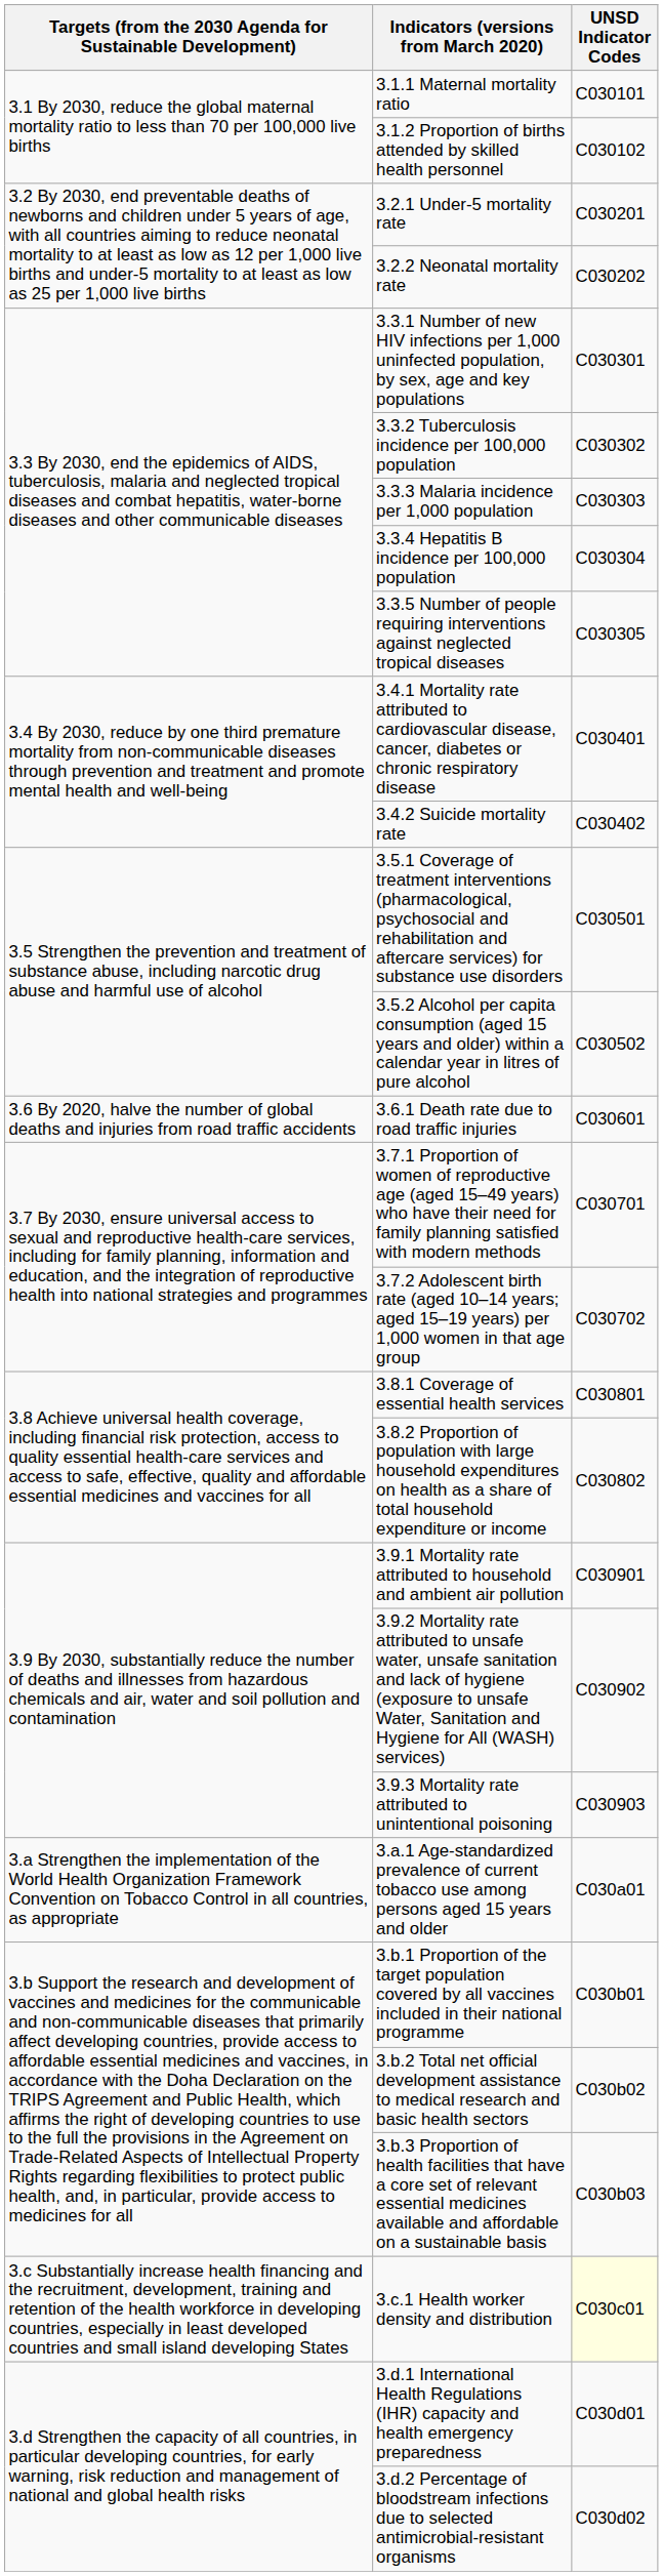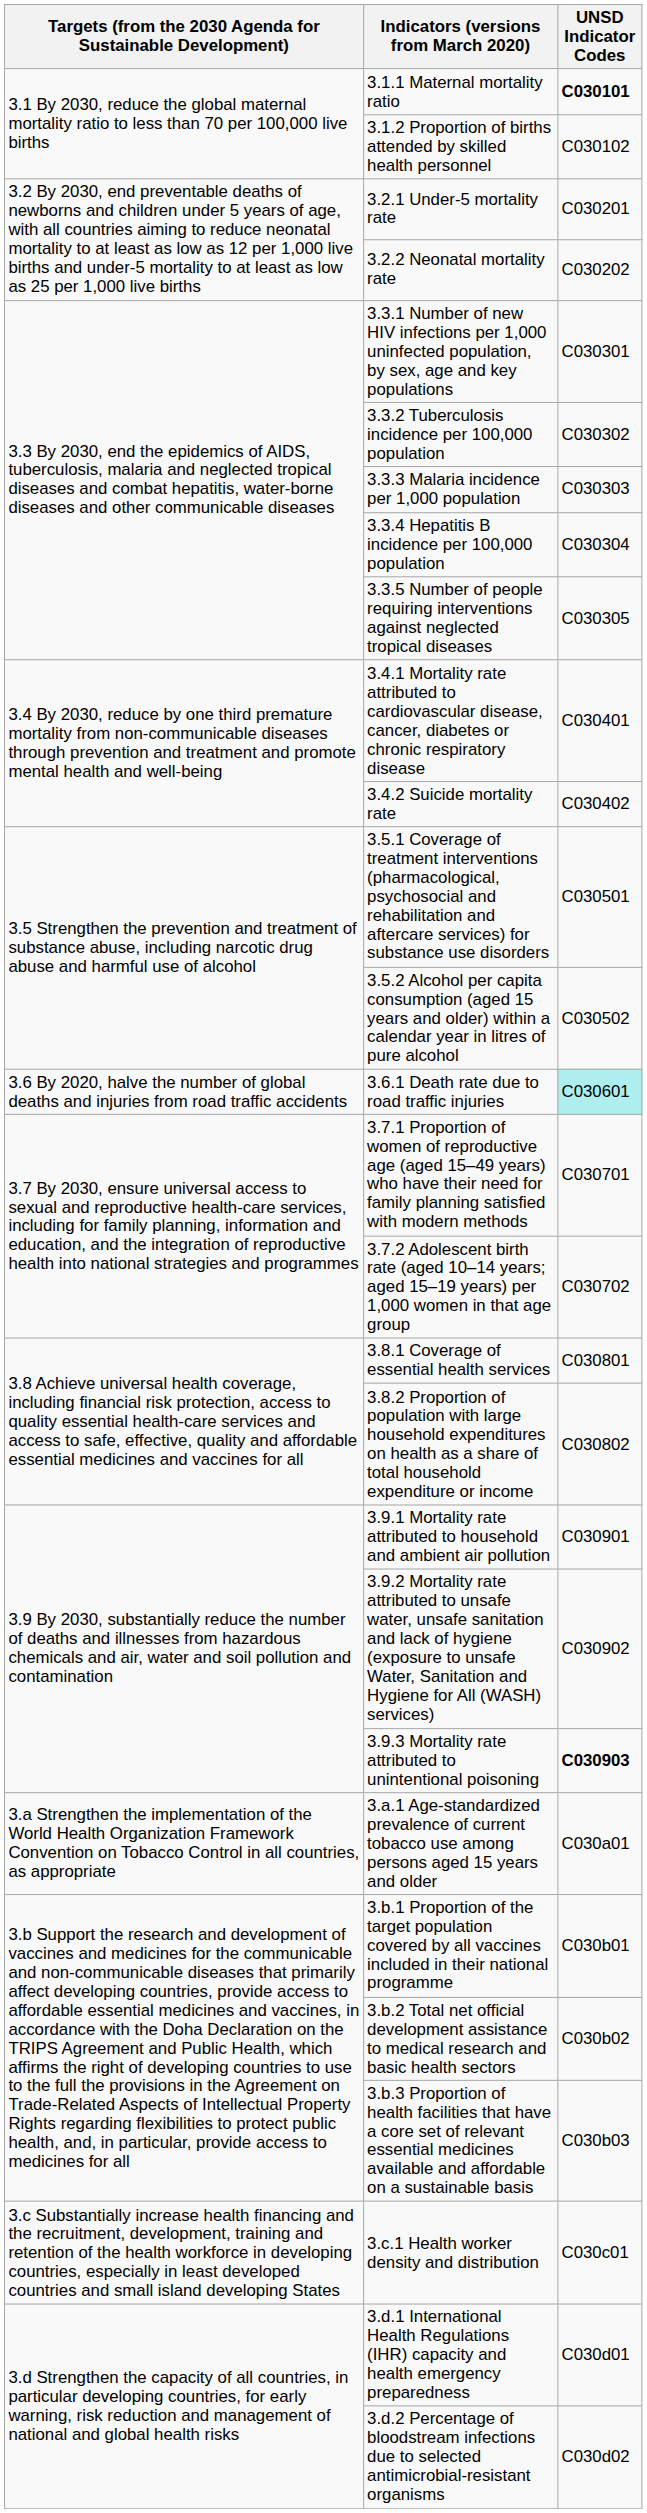 <table class="wikitable">
 <tr>
 <th>Targets (from the 2030 Agenda for Sustainable Development)</th>
 <th>Indicators (versions from March 2020)</th>
 <th>UNSD Indicator Codes </th>
 </tr>
 <tr>
 <td colspan="1" rowspan="2">3.1 By 2030, reduce the global maternal mortality ratio to less than 70 per 100,000 live births</td>
 <td>3.1.1 Maternal mortality ratio</td>
-<td>C030101</td>
+<td><strong>C030101</strong></td>
 </tr>
 <tr>
 <td>3.1.2 Proportion of births attended by skilled health personnel</td>
 <td>C030102</td>
 </tr>
 <tr>
 <td colspan="1" rowspan="2">3.2 By 2030, end preventable deaths of newborns and children under 5 years of age, with all countries aiming to reduce neonatal mortality to at least as low as 12 per 1,000 live births and under‑5 mortality to at least as low as 25 per 1,000 live births</td>
 <td>3.2.1 Under‑5 mortality rate</td>
 <td>C030201</td>
 </tr>
 <tr>
 <td>3.2.2 Neonatal mortality rate</td>
 <td>C030202</td>
 </tr>
 <tr>
 <td colspan="1" rowspan="5">3.3 By 2030, end the epidemics of AIDS, tuberculosis, malaria and neglected tropical diseases and combat hepatitis, water-borne diseases and other communicable diseases</td>
 <td>3.3.1 Number of new HIV infections per 1,000 uninfected population, by sex, age and key populations</td>
 <td>C030301</td>
 </tr>
 <tr>
 <td>3.3.2 Tuberculosis incidence per 100,000 population</td>
 <td>C030302</td>
 </tr>
 <tr>
 <td>3.3.3 Malaria incidence per 1,000 population</td>
 <td>C030303</td>
 </tr>
 <tr>
 <td>3.3.4 Hepatitis B incidence per 100,000 population</td>
 <td>C030304</td>
 </tr>
 <tr>
 <td>3.3.5 Number of people requiring interventions against neglected tropical diseases</td>
 <td>C030305</td>
 </tr>
 <tr>
 <td colspan="1" rowspan="2">3.4 By 2030, reduce by one third premature mortality from non-communicable diseases through prevention and treatment and promote mental health and well-being</td>
 <td>3.4.1 Mortality rate attributed to cardiovascular disease, cancer, diabetes or chronic respiratory disease</td>
 <td>C030401</td>
 </tr>
 <tr>
 <td>3.4.2 Suicide mortality rate</td>
 <td>C030402</td>
 </tr>
 <tr>
 <td colspan="1" rowspan="2">3.5 Strengthen the prevention and treatment of substance abuse, including narcotic drug abuse and harmful use of alcohol</td>
 <td>3.5.1 Coverage of treatment interventions (pharmacological, psychosocial and rehabilitation and aftercare services) for substance use disorders</td>
 <td>C030501</td>
 </tr>
 <tr>
 <td>3.5.2 Alcohol per capita consumption (aged 15 years and older) within a calendar year in litres of pure alcohol</td>
 <td>C030502</td>
 </tr>
 <tr>
 <td>3.6 By 2020, halve the number of global deaths and injuries from road traffic accidents</td>
 <td>3.6.1 Death rate due to road traffic injuries</td>
-<td>C030601</td>
+<td style="background: paleturquoise;">C030601</td>
 </tr>
 <tr>
 <td colspan="1" rowspan="2">3.7 By 2030, ensure universal access to sexual and reproductive health-care services, including for family planning, information and education, and the integration of reproductive health into national strategies and programmes</td>
 <td>3.7.1 Proportion of women of reproductive age (aged 15–49 years) who have their need for family planning satisfied with modern methods</td>
 <td>C030701</td>
 </tr>
 <tr>
 <td>3.7.2 Adolescent birth rate (aged 10–14 years; aged 15–19 years) per 1,000 women in that age group</td>
 <td>C030702</td>
 </tr>
 <tr>
 <td colspan="1" rowspan="2">3.8 Achieve universal health coverage, including financial risk protection, access to quality essential health-care services and access to safe, effective, quality and affordable essential medicines and vaccines for all</td>
 <td>3.8.1 Coverage of essential health services</td>
 <td>C030801</td>
 </tr>
 <tr>
 <td>3.8.2 Proportion of population with large household expenditures on health as a share of total household expenditure or income</td>
 <td>C030802</td>
 </tr>
 <tr>
 <td colspan="1" rowspan="3">3.9 By 2030, substantially reduce the number of deaths and illnesses from hazardous chemicals and air, water and soil pollution and contamination</td>
 <td>3.9.1 Mortality rate attributed to household and ambient air pollution</td>
 <td>C030901</td>
 </tr>
 <tr>
 <td>3.9.2 Mortality rate attributed to unsafe water, unsafe sanitation and lack of hygiene (exposure to unsafe Water, Sanitation and Hygiene for All (WASH) services)</td>
 <td>C030902</td>
 </tr>
 <tr>
 <td>3.9.3 Mortality rate attributed to unintentional poisoning</td>
-<td>C030903</td>
+<td><strong>C030903</strong></td>
 </tr>
 <tr>
 <td>3.a Strengthen the implementation of the World Health Organization Framework Convention on Tobacco Control in all countries, as appropriate</td>
 <td>3.a.1 Age-standardized prevalence of current tobacco use among persons aged 15 years and older</td>
 <td>C030a01</td>
 </tr>
 <tr>
 <td colspan="1" rowspan="3">3.b Support the research and development of vaccines and medicines for the communicable and non‑communicable diseases that primarily affect developing countries, provide access to affordable essential medicines and vaccines, in accordance with the Doha Declaration on the TRIPS Agreement and Public Health, which affirms the right of developing countries to use to the full the provisions in the Agreement on Trade-Related Aspects of Intellectual Property Rights regarding flexibilities to protect public health, and, in particular, provide access to medicines for all</td>
 <td>3.b.1 Proportion of the target population covered by all vaccines included in their national programme</td>
 <td>C030b01</td>
 </tr>
 <tr>
 <td>3.b.2 Total net official development assistance to medical research and basic health sectors</td>
 <td>C030b02</td>
 </tr>
 <tr>
 <td>3.b.3 Proportion of health facilities that have a core set of relevant essential medicines available and affordable on a sustainable basis</td>
 <td>C030b03</td>
 </tr>
 <tr>
 <td>3.c Substantially increase health financing and the recruitment, development, training and retention of the health workforce in developing countries, especially in least developed countries and small island developing States</td>
 <td>3.c.1 Health worker density and distribution</td>
-<td style="background: lightyellow;">C030c01</td>
+<td>C030c01</td>
 </tr>
 <tr>
 <td colspan="1" rowspan="2">3.d Strengthen the capacity of all countries, in particular developing countries, for early warning, risk reduction and management of national and global health risks</td>
 <td>3.d.1 International Health Regulations (IHR) capacity and health emergency preparedness</td>
 <td>C030d01</td>
 </tr>
 <tr>
 <td>3.d.2 Percentage of bloodstream infections due to selected antimicrobial-resistant organisms</td>
 <td>C030d02</td>
 </tr>
 </table>
